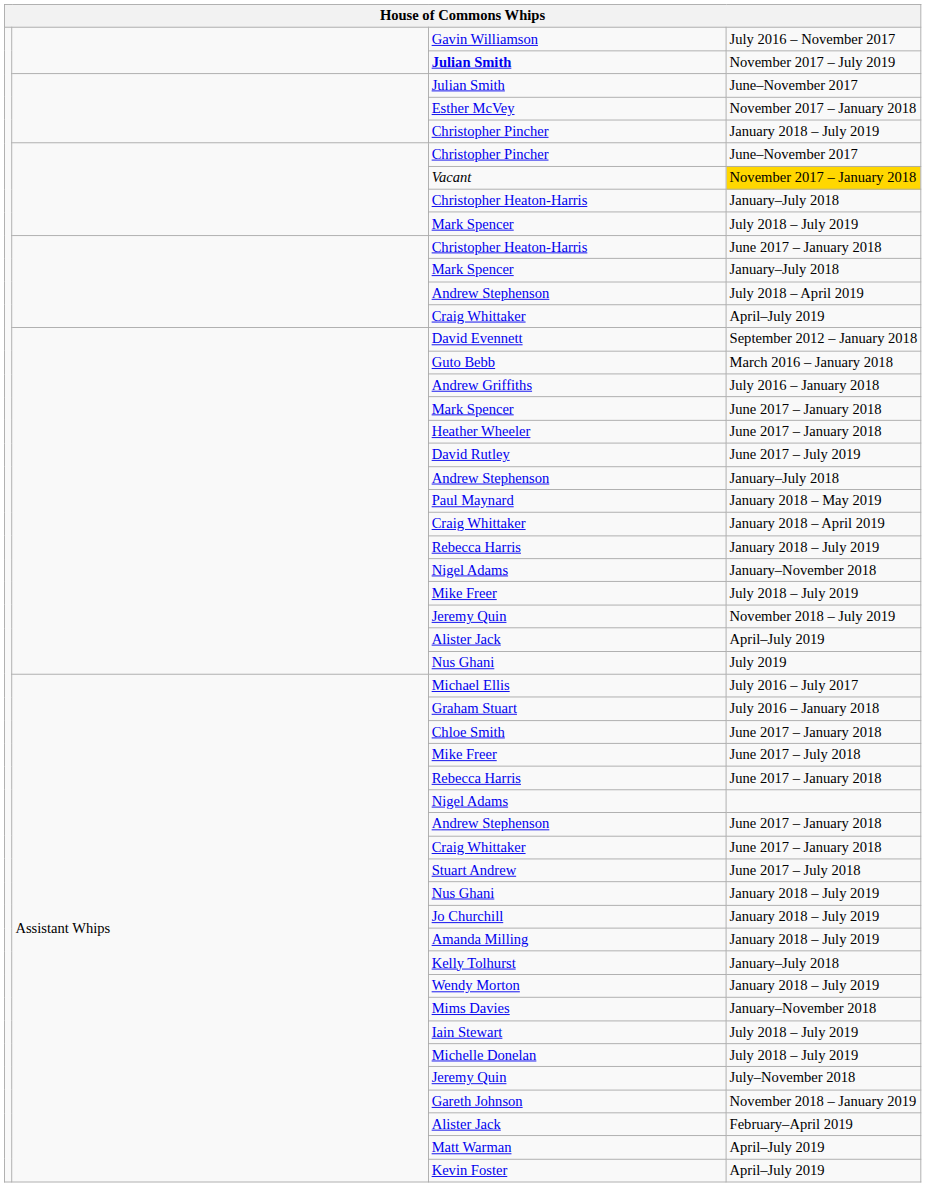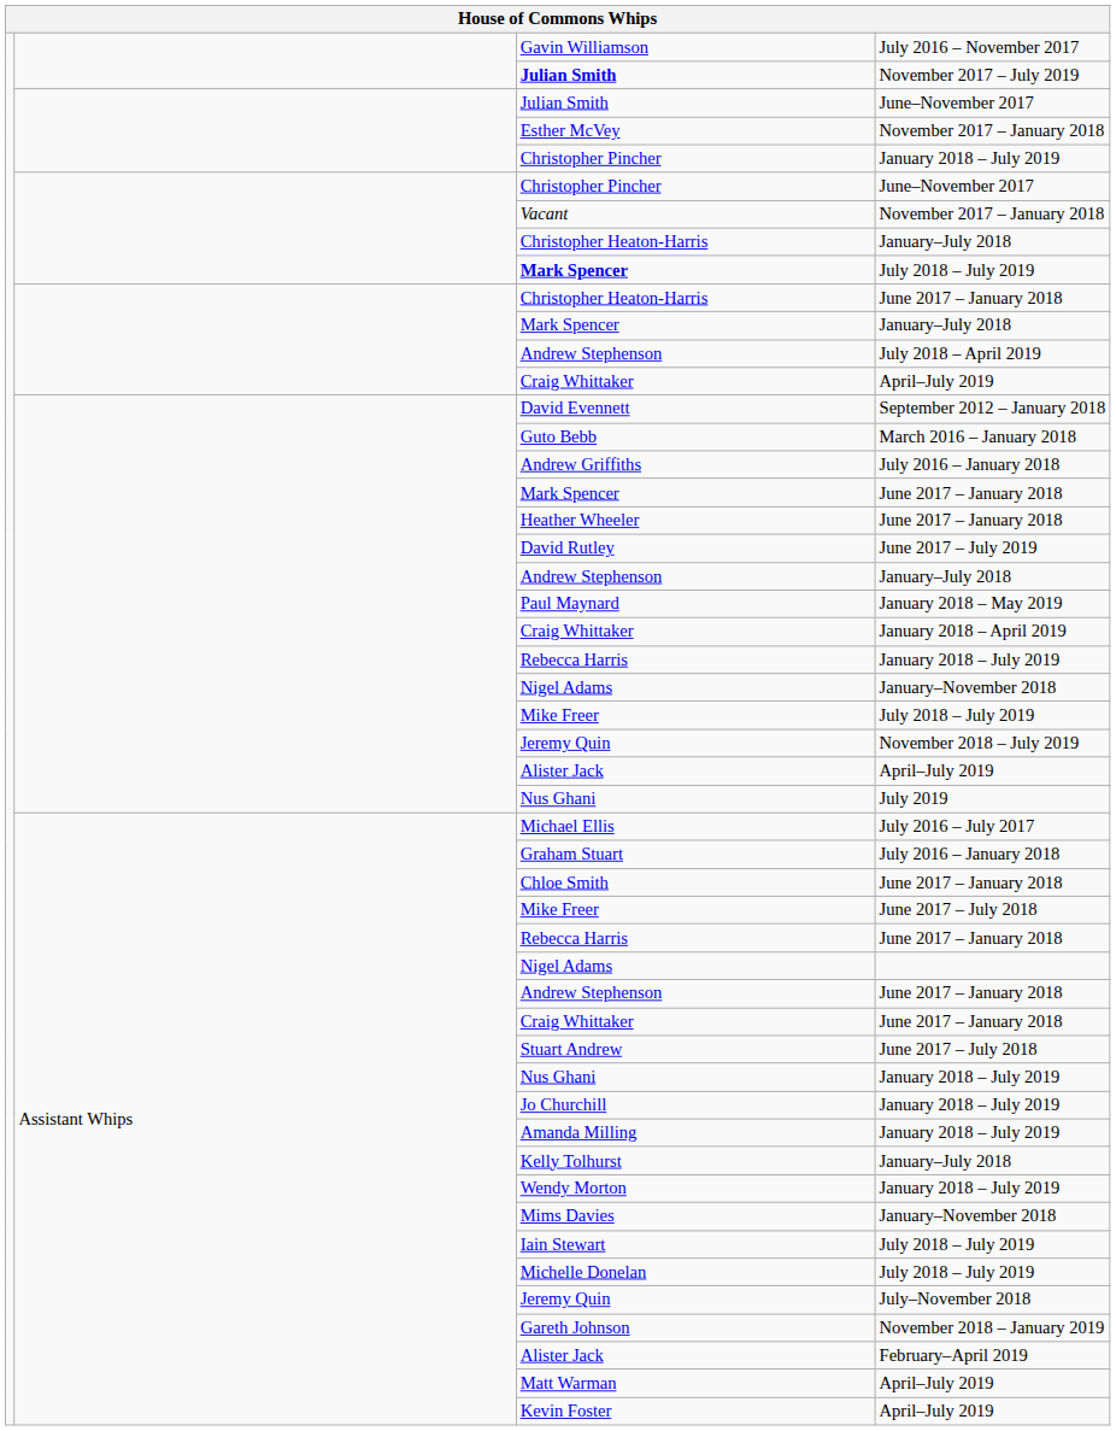 <table class="wikitable">
 <tr>
 <th colspan="4">House of Commons Whips</th>
 </tr>
 <tr>
 <td rowspan="50" style="width: 1px; background: "></td>
 <td rowspan="2" style="width: 450px;"></td>
 <td style="width: 320px;"><a href='#'>Gavin Williamson</a></td>
 <td>July 2016 – November 2017</td>
 </tr>
 <tr>
 <td style="width: 320px;"><strong><a href='#'>Julian Smith</a></strong></td>
 <td>November 2017 – July 2019</td>
 </tr>
 <tr>
 <td rowspan="3"></td>
 <td><a href='#'>Julian Smith</a></td>
 <td>June–November 2017</td>
 </tr>
 <tr>
 <td style="width: 320px;"><a href='#'>Esther McVey</a></td>
 <td>November 2017 – January 2018</td>
 </tr>
 <tr>
 <td><a href='#'>Christopher Pincher</a></td>
 <td>January 2018 – July 2019</td>
 </tr>
 <tr>
 <td rowspan="4"></td>
 <td><a href='#'>Christopher Pincher</a></td>
 <td>June–November 2017</td>
 </tr>
 <tr>
 <td><em>Vacant</em></td>
-<td style="background: gold;">November 2017 – January 2018</td>
+<td>November 2017 – January 2018</td>
 </tr>
 <tr>
 <td><a href='#'>Christopher Heaton-Harris</a><br></td>
 <td>January–July 2018</td>
 </tr>
 <tr>
-<td><a href='#'>Mark Spencer</a> <br></td>
+<td><strong><a href='#'>Mark Spencer</a> <br></strong></td>
 <td>July 2018 – July 2019</td>
 </tr>
 <tr>
 <td rowspan="4"></td>
 <td><a href='#'>Christopher Heaton-Harris</a></td>
 <td>June 2017 – January 2018</td>
 </tr>
 <tr>
 <td><a href='#'>Mark Spencer</a></td>
 <td>January–July 2018</td>
 </tr>
 <tr>
 <td><a href='#'>Andrew Stephenson</a></td>
 <td>July 2018 – April 2019</td>
 </tr>
 <tr>
 <td><a href='#'>Craig Whittaker</a></td>
 <td>April–July 2019</td>
 </tr>
 <tr>
 <td rowspan="15"></td>
 <td><a href='#'>David Evennett</a></td>
 <td>September 2012 – January 2018</td>
 </tr>
 <tr>
 <td><a href='#'>Guto Bebb</a> <br></td>
 <td>March 2016 – January 2018</td>
 </tr>
 <tr>
 <td><a href='#'>Andrew Griffiths</a></td>
 <td>July 2016 – January 2018</td>
 </tr>
 <tr>
 <td><a href='#'>Mark Spencer</a></td>
 <td>June 2017 – January 2018</td>
 </tr>
 <tr>
 <td><a href='#'>Heather Wheeler</a></td>
 <td>June 2017 – January 2018</td>
 </tr>
 <tr>
 <td><a href='#'>David Rutley</a><br></td>
 <td>June 2017 – July 2019</td>
 </tr>
 <tr>
 <td><a href='#'>Andrew Stephenson</a></td>
 <td>January–July 2018</td>
 </tr>
 <tr>
 <td><a href='#'>Paul Maynard</a></td>
 <td>January 2018 – May 2019</td>
 </tr>
 <tr>
 <td><a href='#'>Craig Whittaker</a></td>
 <td>January 2018 – April 2019</td>
 </tr>
 <tr>
 <td><a href='#'>Rebecca Harris</a></td>
 <td>January 2018 – July 2019</td>
 </tr>
 <tr>
 <td><a href='#'>Nigel Adams</a> <br></td>
 <td>January–November 2018</td>
 </tr>
 <tr>
 <td><a href='#'>Mike Freer</a></td>
 <td>July 2018 – July 2019</td>
 </tr>
 <tr>
 <td><a href='#'>Jeremy Quin</a> <br></td>
 <td>November 2018 – July 2019</td>
 </tr>
 <tr>
 <td><a href='#'>Alister Jack</a></td>
 <td>April–July 2019</td>
 </tr>
 <tr>
 <td><a href='#'>Nus Ghani</a> <br></td>
 <td>July 2019</td>
 </tr>
 <tr>
 <td rowspan="22">Assistant Whips</td>
 <td><a href='#'>Michael Ellis</a> <br></td>
 <td>July 2016 – July 2017</td>
 </tr>
 <tr>
 <td><a href='#'>Graham Stuart</a></td>
 <td>July 2016 – January 2018</td>
 </tr>
 <tr>
 <td><a href='#'>Chloe Smith</a> <br></td>
 <td>June 2017 – January 2018</td>
 </tr>
 <tr>
 <td><a href='#'>Mike Freer</a></td>
 <td>June 2017 – July 2018</td>
 </tr>
 <tr>
 <td><a href='#'>Rebecca Harris</a></td>
 <td>June 2017 – January 2018</td>
 </tr>
 <tr>
 <td><a href='#'>Nigel Adams</a> <br></td>
 <td></td>
 </tr>
 <tr>
 <td><a href='#'>Andrew Stephenson</a></td>
 <td>June 2017 – January 2018</td>
 </tr>
 <tr>
 <td><a href='#'>Craig Whittaker</a></td>
 <td>June 2017 – January 2018</td>
 </tr>
 <tr>
 <td><a href='#'>Stuart Andrew</a> <br></td>
 <td>June 2017 – July 2018</td>
 </tr>
 <tr>
 <td><a href='#'>Nus Ghani</a> <br></td>
 <td>January 2018 – July 2019</td>
 </tr>
 <tr>
 <td><a href='#'>Jo Churchill</a></td>
 <td>January 2018 – July 2019</td>
 </tr>
 <tr>
 <td><a href='#'>Amanda Milling</a></td>
 <td>January 2018 – July 2019</td>
 </tr>
 <tr>
 <td><a href='#'>Kelly Tolhurst</a></td>
 <td>January–July 2018</td>
 </tr>
 <tr>
 <td><a href='#'>Wendy Morton</a> <br></td>
 <td>January 2018 – July 2019</td>
 </tr>
 <tr>
 <td><a href='#'>Mims Davies</a> <br></td>
 <td>January–November 2018</td>
 </tr>
 <tr>
 <td><a href='#'>Iain Stewart</a></td>
 <td>July 2018 – July 2019</td>
 </tr>
 <tr>
 <td><a href='#'>Michelle Donelan</a></td>
 <td>July 2018 – July 2019</td>
 </tr>
 <tr>
 <td><a href='#'>Jeremy Quin</a> <br></td>
 <td>July–November 2018</td>
 </tr>
 <tr>
 <td><a href='#'>Gareth Johnson</a> <br></td>
 <td>November 2018 – January 2019</td>
 </tr>
 <tr>
 <td><a href='#'>Alister Jack</a> <br></td>
 <td>February–April 2019</td>
 </tr>
 <tr>
 <td><a href='#'>Matt Warman</a> <br></td>
 <td>April–July 2019</td>
 </tr>
 <tr>
 <td><a href='#'>Kevin Foster</a> <br></td>
 <td>April–July 2019</td>
 </tr>
 </table>
